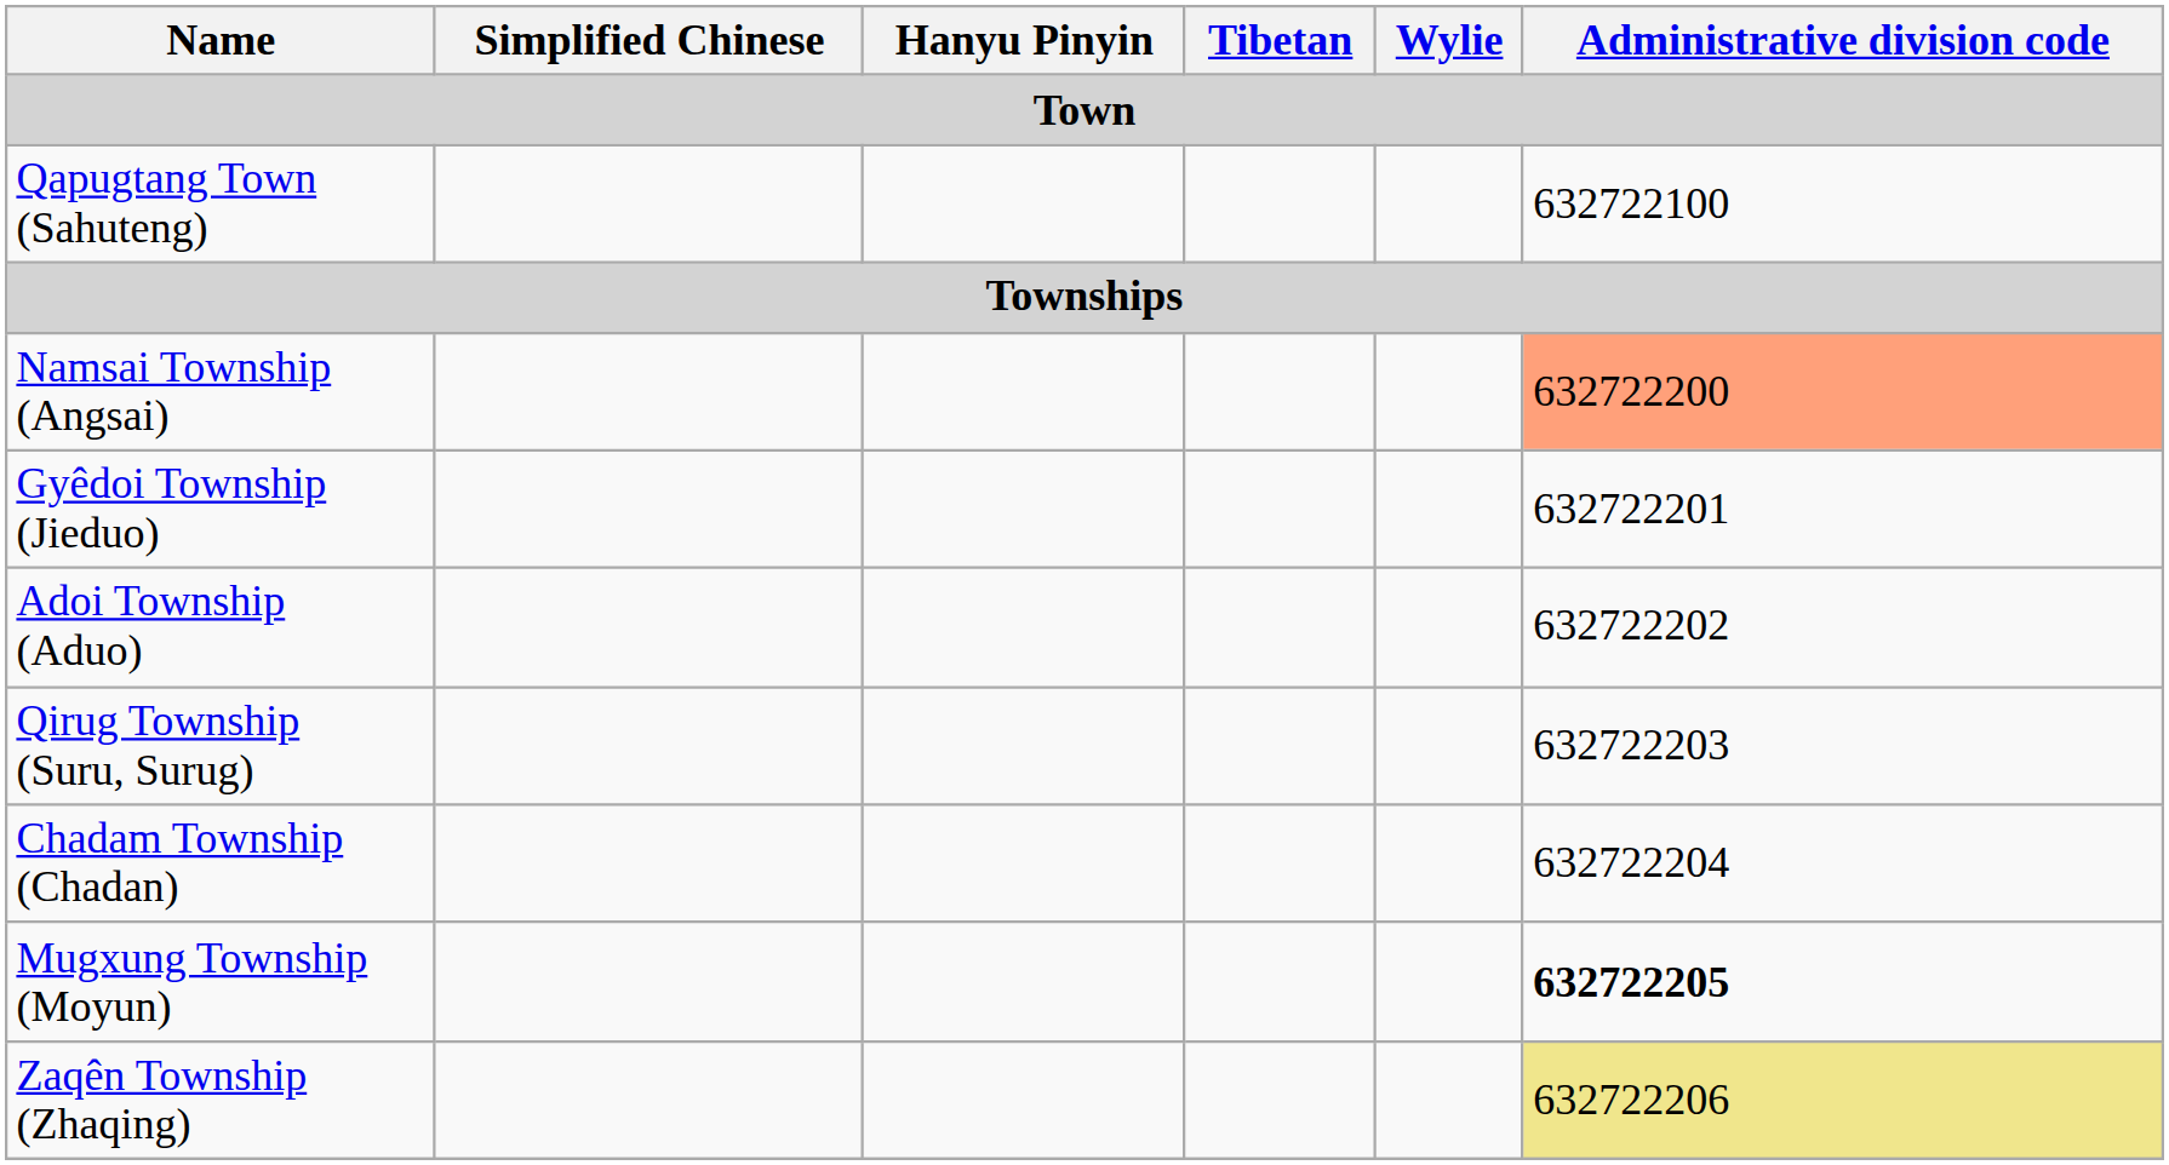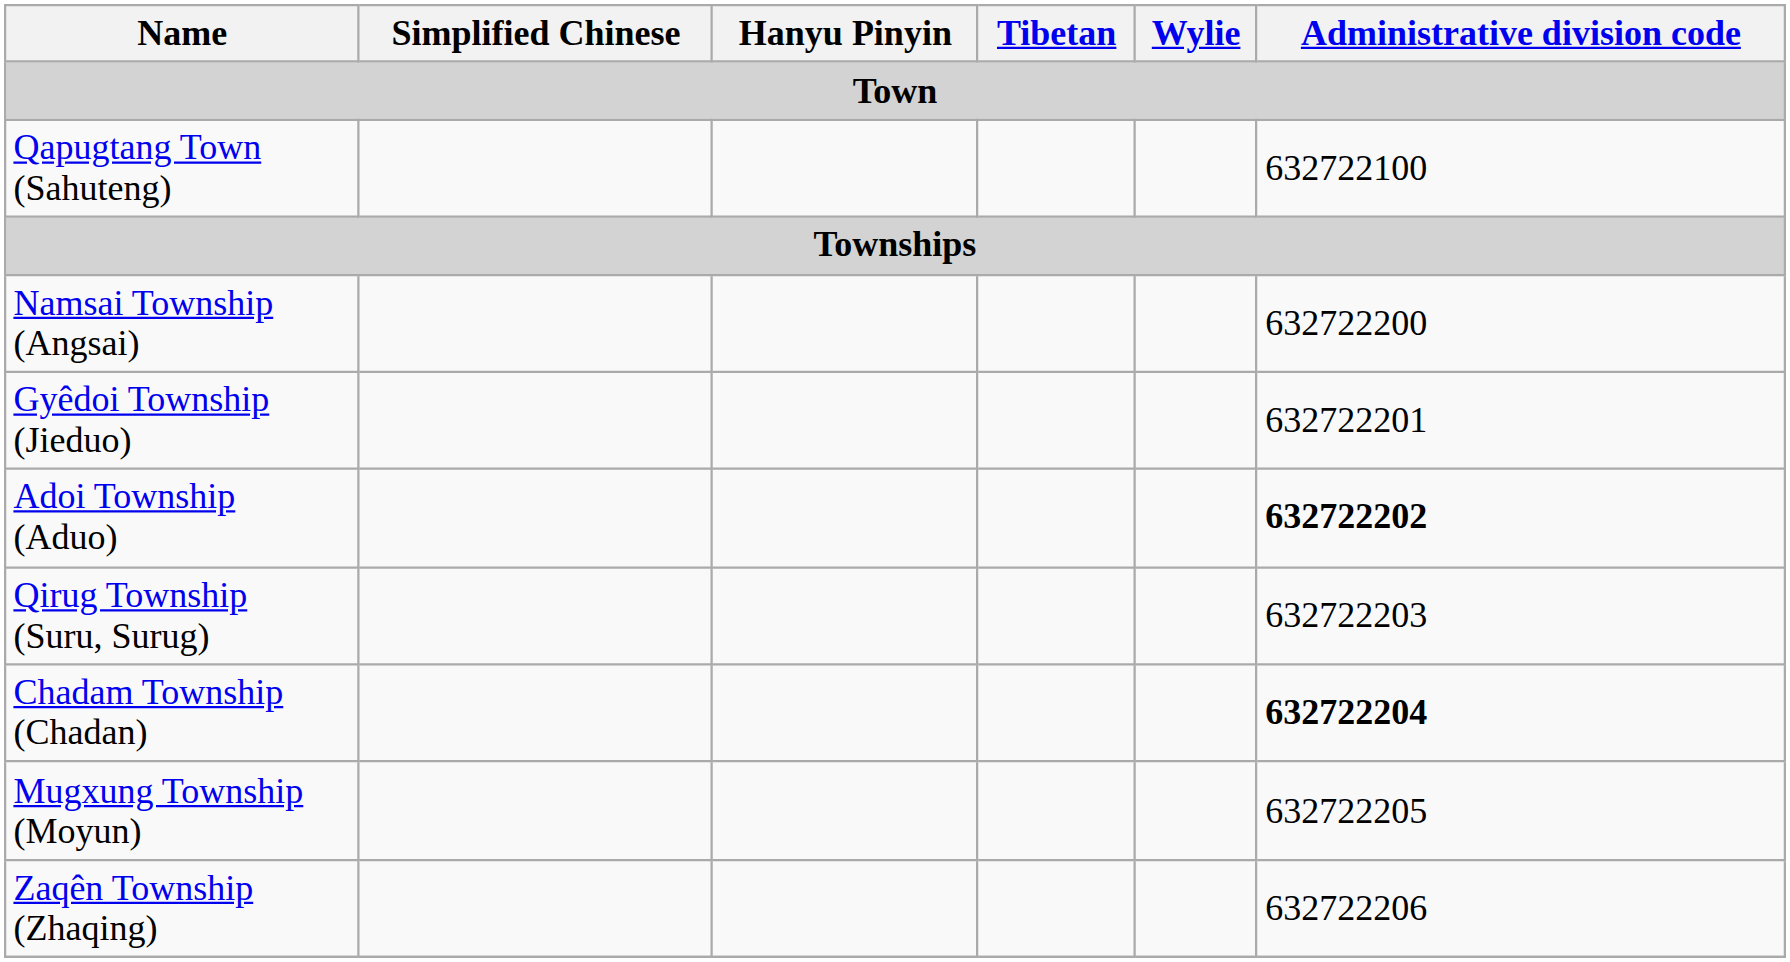 <table class="wikitable" align="center" style="width:50%; border="1">
 <tr>
 <th>Name</th>
 <th>Simplified Chinese</th>
 <th>Hanyu Pinyin</th>
 <th><a href='#'>Tibetan</a></th>
 <th><a href='#'>Wylie</a></th>
 <th><a href='#'>Administrative division code</a></th>
 </tr>
 <tr>
 <td colspan="7"  style="text-align:center; background:#d3d3d3;"><strong>Town</strong></td>
 </tr>
 <tr --------->
 <td><a href='#'>Qapugtang Town</a><br>(Sahuteng)</td>
 <td></td>
 <td></td>
 <td></td>
 <td></td>
 <td>632722100</td>
 </tr>
 <tr>
 <td colspan="7"  style="text-align:center; background:#d3d3d3;"><strong>Townships</strong></td>
 </tr>
 <tr --------->
 <td><a href='#'>Namsai Township</a><br>(Angsai)</td>
 <td></td>
 <td></td>
 <td></td>
 <td></td>
-<td style="background: lightsalmon;">632722200</td>
+<td>632722200</td>
 </tr>
 <tr>
 <td><a href='#'>Gyêdoi Township</a><br>(Jieduo)</td>
 <td></td>
 <td></td>
 <td></td>
 <td></td>
 <td>632722201</td>
 </tr>
 <tr>
 <td><a href='#'>Adoi Township</a><br>(Aduo)</td>
 <td></td>
 <td></td>
 <td></td>
 <td></td>
-<td>632722202</td>
+<td><strong>632722202</strong></td>
 </tr>
 <tr>
 <td><a href='#'>Qirug Township</a><br>(Suru, Surug)</td>
 <td></td>
 <td></td>
 <td></td>
 <td></td>
 <td>632722203</td>
 </tr>
 <tr>
 <td><a href='#'>Chadam Township</a><br>(Chadan)</td>
 <td></td>
 <td></td>
 <td></td>
 <td></td>
-<td>632722204</td>
+<td><strong>632722204</strong></td>
 </tr>
 <tr>
 <td><a href='#'>Mugxung Township</a><br>(Moyun)</td>
 <td></td>
 <td></td>
 <td></td>
 <td></td>
-<td><strong>632722205</strong></td>
+<td>632722205</td>
 </tr>
 <tr>
 <td><a href='#'>Zaqên Township</a><br>(Zhaqing)</td>
 <td></td>
 <td></td>
 <td></td>
 <td></td>
-<td style="background: khaki;">632722206</td>
+<td>632722206</td>
 </tr>
 <tr>
 </tr>
 </table>
